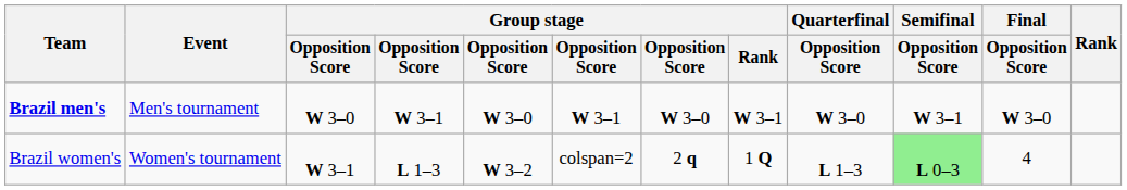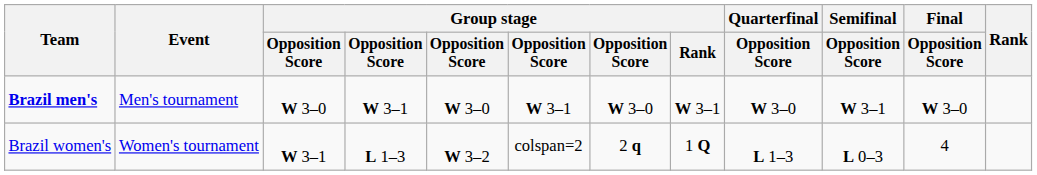 <table class="wikitable" style="font-size:90%">
 <tr>
 <th rowspan=2>Team</th>
 <th rowspan=2>Event</th>
 <th colspan=6>Group stage</th>
 <th>Quarterfinal</th>
 <th>Semifinal</th>
 <th>Final</th>
 <th rowspan=2>Rank</th>
 </tr>
 <tr style="font-size:95%">
 <th>Opposition<br>Score</th>
 <th>Opposition<br>Score</th>
 <th>Opposition<br>Score</th>
 <th>Opposition<br>Score</th>
 <th>Opposition<br>Score</th>
 <th>Rank</th>
 <th>Opposition<br>Score</th>
 <th>Opposition<br>Score</th>
 <th>Opposition<br>Score</th>
 </tr>
 <tr align=center>
 <td align=left><strong><a href='#'>Brazil men's</a></strong></td>
 <td align=left><a href='#'>Men's tournament</a></td>
 <td><br><strong>W</strong> 3–0</td>
 <td><br><strong>W</strong> 3–1</td>
 <td><br><strong>W</strong> 3–0</td>
 <td><br><strong>W</strong> 3–1</td>
 <td><br><strong>W</strong> 3–0</td>
 <td><br><strong>W</strong> 3–1</td>
 <td><br><strong>W</strong> 3–0</td>
 <td><br><strong>W</strong> 3–1</td>
 <td><br><strong>W</strong> 3–0</td>
 <td></td>
 </tr>
 <tr align=center>
 <td align=left><a href='#'>Brazil women's</a></td>
 <td align=left><a href='#'>Women's tournament</a></td>
 <td><br><strong>W</strong> 3–1</td>
 <td><br><strong>L</strong> 1–3</td>
 <td><br><strong>W</strong> 3–2</td>
 <td>colspan=2</td>
 <td>2 <strong>q</strong></td>
 <td>1 <strong>Q</strong></td>
 <td><br><strong>L</strong> 1–3</td>
-<td style="background: lightgreen;"><br><strong>L</strong> 0–3</td>
+<td><br><strong>L</strong> 0–3</td>
 <td>4</td>
 </tr>
 </table>
